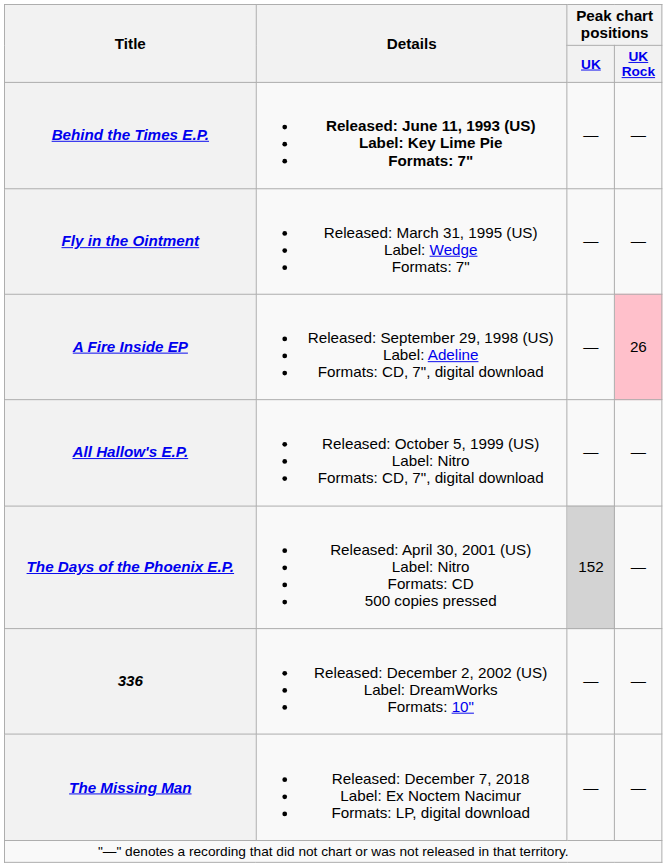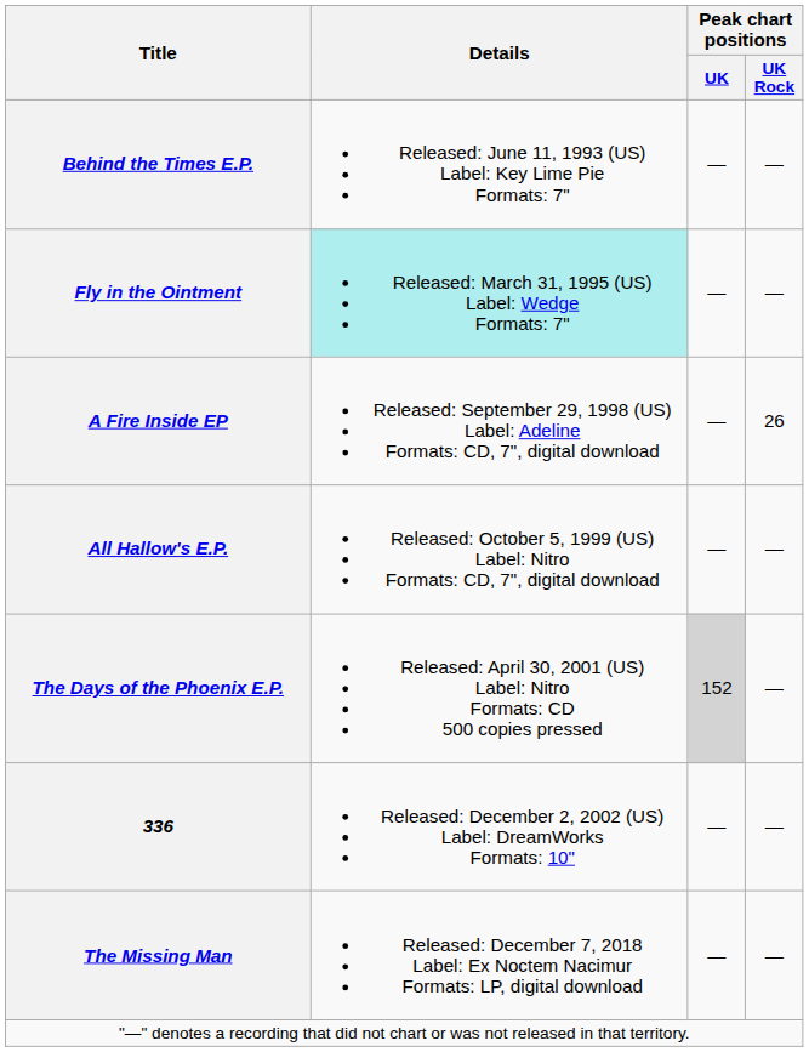 <table class="wikitable plainrowheaders" style="text-align:center;">
 <tr>
 <th scope="col" rowspan="2" style="width:16.1em;">Title</th>
 <th scope="col" rowspan="2" style="width:20em;">Details</th>
 <th scope="col" colspan="2">Peak chart positions</th>
 </tr>
 <tr>
 <th scope="col" style="width:3em;font-size:90%;"><a href='#'>UK</a><br></th>
 <th scope="col" style="width:3em;font-size:90%;"><a href='#'>UK<br>Rock</a><br></th>
 </tr>
 <tr>
 <th scope="row"><em><a href='#'>Behind the Times E.P.</a></em></th>
-<td><strong><br><ul><li>Released: June 11, 1993 <span>(US)</span></li><li>Label: Key Lime Pie</li><li>Formats: 7"</li></ul></strong></td>
+<td><br><ul><li>Released: June 11, 1993 <span>(US)</span></li><li>Label: Key Lime Pie</li><li>Formats: 7"</li></ul></td>
 <td>—</td>
 <td>—</td>
 </tr>
 <tr>
 <th scope="row"><em><a href='#'>Fly in the Ointment</a></em></th>
-<td><br><ul><li>Released: March 31, 1995 <span>(US)</span></li><li>Label: <a href='#'>Wedge</a></li><li>Formats: 7"</li></ul></td>
+<td style="background: paleturquoise;"><br><ul><li>Released: March 31, 1995 <span>(US)</span></li><li>Label: <a href='#'>Wedge</a></li><li>Formats: 7"</li></ul></td>
 <td>—</td>
 <td>—</td>
 </tr>
 <tr>
 <th scope="row"><em><a href='#'>A Fire Inside EP</a></em></th>
 <td><br><ul><li>Released: September 29, 1998 <span>(US)</span></li><li>Label: <a href='#'>Adeline</a></li><li>Formats: CD, 7", digital download</li></ul></td>
 <td>—</td>
-<td style="background: pink;">26</td>
+<td>26</td>
 </tr>
 <tr>
 <th scope="row"><em><a href='#'>All Hallow's E.P.</a></em></th>
 <td><br><ul><li>Released: October 5, 1999 <span>(US)</span></li><li>Label: Nitro</li><li>Formats: CD, 7", digital download</li></ul></td>
 <td>—</td>
 <td>—</td>
 </tr>
 <tr>
 <th scope="row"><em><a href='#'>The Days of the Phoenix E.P.</a></em></th>
 <td><br><ul><li>Released: April 30, 2001 <span>(US)</span></li><li>Label: Nitro</li><li>Formats: CD</li><li>500 copies pressed</li></ul></td>
 <td style="background: lightgrey;">152</td>
 <td>—</td>
 </tr>
 <tr>
 <th scope="row"><em>336</em></th>
 <td><br><ul><li>Released: December 2, 2002 <span>(US)</span></li><li>Label: DreamWorks</li><li>Formats: <a href='#'>10"</a></li></ul></td>
 <td>—</td>
 <td>—</td>
 </tr>
 <tr>
 <th scope="row"><em><a href='#'>The Missing Man</a></em></th>
 <td><br><ul><li>Released: December 7, 2018</li><li>Label: Ex Noctem Nacimur</li><li>Formats: LP, digital download</li></ul></td>
 <td>—</td>
 <td>—</td>
 </tr>
 <tr>
 <td colspan="6" style="font-size:90%">"—" denotes a recording that did not chart or was not released in that territory.</td>
 </tr>
 </table>
